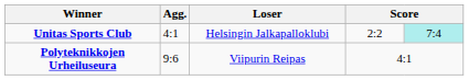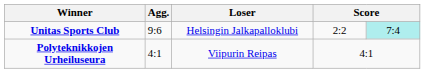 <table class="wikitable">
 <tr style="background-color: #dddddd;">
 <th style="width:200px">Winner</th>
 <th>Agg.</th>
 <th style="width:200px">Loser</th>
 <th colspan="2" style="width:150px">Score</th>
 </tr>
 <tr>
 <td align="middle"><strong><a href='#'>Unitas Sports Club</a></strong></td>
-<td>4:1</td>
+<td>9:6</td>
 <td align="middle"><a href='#'>Helsingin Jalkapalloklubi</a></td>
 <td align="middle">2:2</td>
 <td align="middle" style="background: paleturquoise;">7:4</td>
 </tr>
 <tr>
 <td align="middle"><strong><a href='#'>Polyteknikkojen Urheiluseura</a></strong></td>
-<td>9:6</td>
+<td>4:1</td>
 <td align="middle"><a href='#'>Viipurin Reipas</a></td>
 <td colspan="2" align="middle">4:1</td>
 </tr>
 </table>
